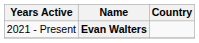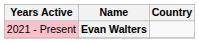 <table class="wikitable plainrowheaders sortable" style="margin-right: 0;">
 <tr>
 <th scope="col">Years Active</th>
 <th scope="col">Name</th>
 <th scope="col">Country</th>
 </tr>
 <tr>
-<td>2021 - Present</td>
+<td style="background: pink;">2021 - Present</td>
 <th scope="row">Evan Walters</th>
 <td></td>
 </tr>
 <tr>
 </tr>
 </table>
